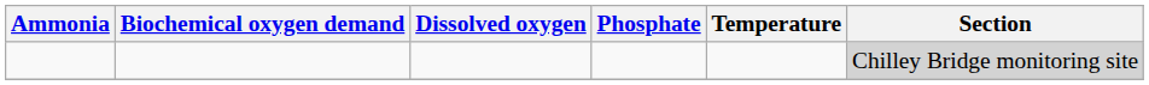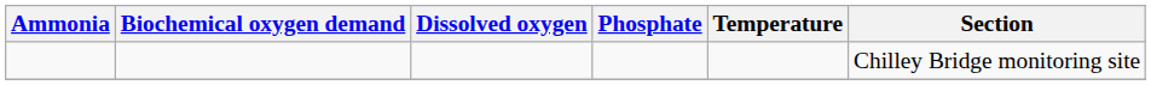 <table class="wikitable">
 <tr>
 <th><a href='#'>Ammonia</a></th>
 <th><a href='#'>Biochemical oxygen demand</a></th>
 <th><a href='#'>Dissolved oxygen</a></th>
 <th><a href='#'>Phosphate</a></th>
 <th>Temperature</th>
 <th>Section</th>
 </tr>
 <tr Brook>
 <td></td>
 <td></td>
 <td></td>
 <td></td>
 <td></td>
-<td style="background: lightgrey;">Chilley Bridge monitoring site</td>
+<td>Chilley Bridge monitoring site</td>
 </tr>
 <tr>
 </tr>
 </table>
